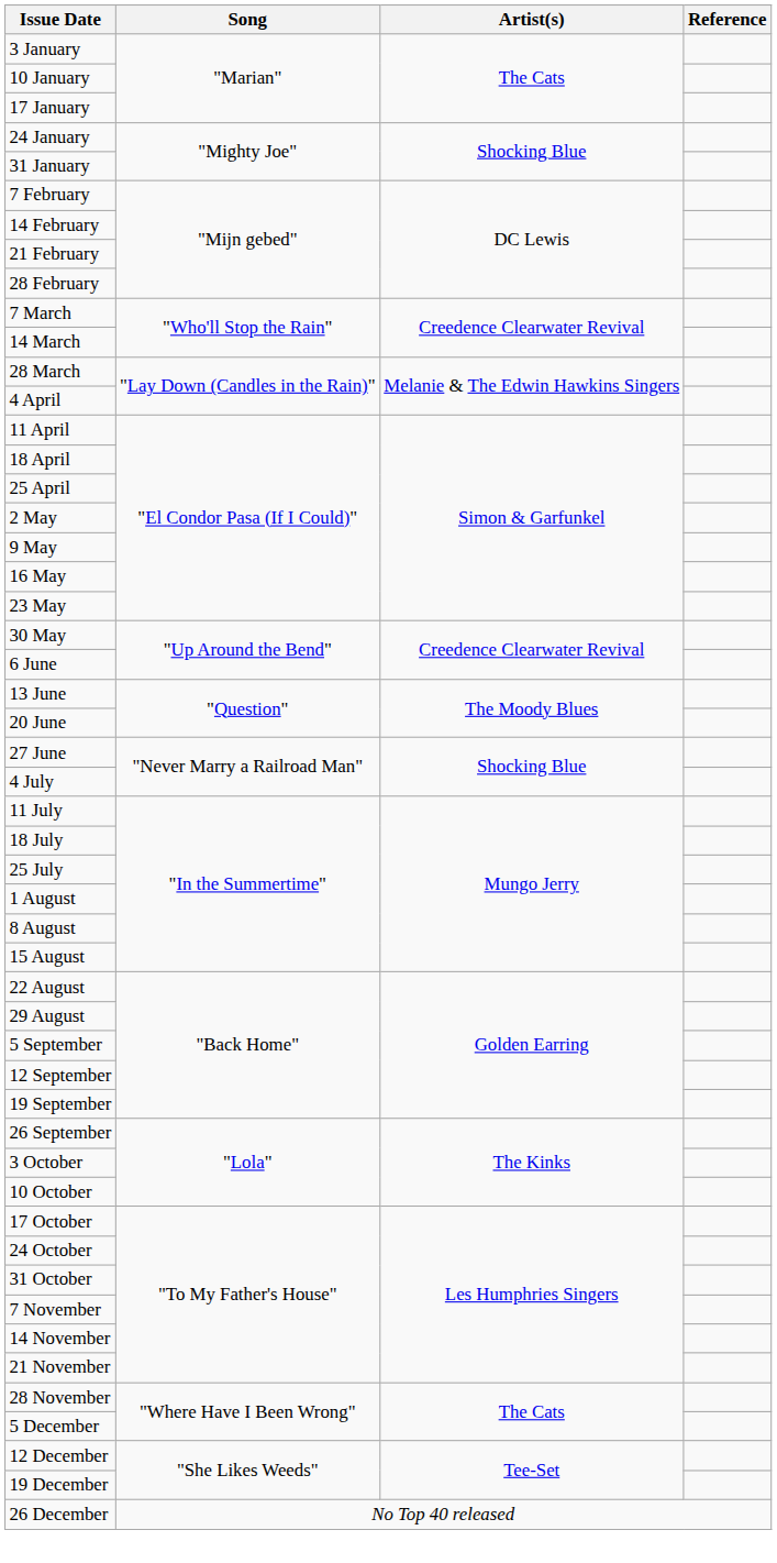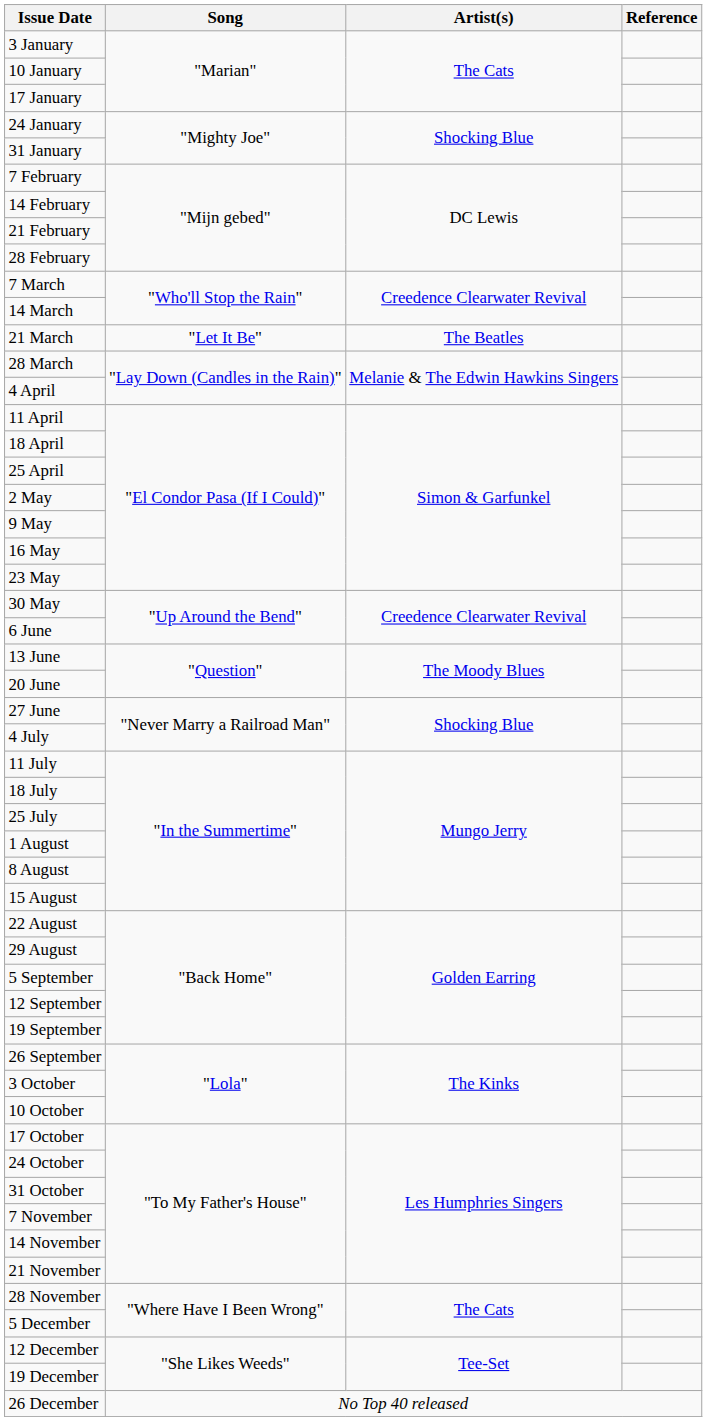 <table class="wikitable">
 <tr>
 <th align="center">Issue Date</th>
 <th align="center">Song</th>
 <th align="center">Artist(s)</th>
 <th align="center">Reference</th>
 </tr>
 <tr>
 <td>3 January</td>
 <td align="center" rowspan="3">"Marian"</td>
 <td align="center" rowspan="3"><a href='#'>The Cats</a></td>
 <td align="center"></td>
 </tr>
 <tr>
 <td>10 January</td>
 <td align="center"></td>
 </tr>
 <tr>
 <td>17 January</td>
 <td align="center"></td>
 </tr>
 <tr>
 <td>24 January</td>
 <td align="center" rowspan="2">"Mighty Joe"</td>
 <td align="center" rowspan="2"><a href='#'>Shocking Blue</a></td>
 <td align="center"></td>
 </tr>
 <tr>
 <td>31 January</td>
 <td align="center"></td>
 </tr>
 <tr>
 <td>7 February</td>
 <td align="center" rowspan="4">"Mijn gebed"</td>
 <td align="center" rowspan="4">DC Lewis</td>
 <td align="center"></td>
 </tr>
 <tr>
 <td>14 February</td>
 <td align="center"></td>
 </tr>
 <tr>
 <td>21 February</td>
 <td align="center"></td>
 </tr>
 <tr>
 <td>28 February</td>
 <td align="center"></td>
 </tr>
 <tr>
 <td>7 March</td>
 <td align="center" rowspan="2">"<a href='#'>Who'll Stop the Rain</a>"</td>
 <td align="center" rowspan="2"><a href='#'>Creedence Clearwater Revival</a></td>
 <td align="center"></td>
 </tr>
 <tr>
 <td>14 March</td>
+<td align="center"></td>
+</tr>
+<tr>
+<td>21 March</td>
+<td align="center">"<a href='#'>Let It Be</a>"</td>
+<td align="center"><a href='#'>The Beatles</a></td>
 <td align="center"></td>
 </tr>
 <tr>
 <td>28 March</td>
 <td align="center" rowspan="2">"<a href='#'>Lay Down (Candles in the Rain)</a>"</td>
 <td align="center" rowspan="2"><a href='#'>Melanie</a> & <a href='#'>The Edwin Hawkins Singers</a></td>
 <td align="center"></td>
 </tr>
 <tr>
 <td>4 April</td>
 <td align="center"></td>
 </tr>
 <tr>
 <td>11 April</td>
 <td align="center" rowspan="7">"<a href='#'>El Condor Pasa (If I Could)</a>"</td>
 <td align="center" rowspan="7"><a href='#'>Simon & Garfunkel</a></td>
 <td align="center"></td>
 </tr>
 <tr>
 <td>18 April</td>
 <td align="center"></td>
 </tr>
 <tr>
 <td>25 April</td>
 <td align="center"></td>
 </tr>
 <tr>
 <td>2 May</td>
 <td align="center"></td>
 </tr>
 <tr>
 <td>9 May</td>
 <td align="center"></td>
 </tr>
 <tr>
 <td>16 May</td>
 <td align="center"></td>
 </tr>
 <tr>
 <td>23 May</td>
 <td align="center"></td>
 </tr>
 <tr>
 <td>30 May</td>
 <td align="center" rowspan="2">"<a href='#'>Up Around the Bend</a>"</td>
 <td align="center" rowspan="2"><a href='#'>Creedence Clearwater Revival</a></td>
 <td align="center"></td>
 </tr>
 <tr>
 <td>6 June</td>
 <td align="center"></td>
 </tr>
 <tr>
 <td>13 June</td>
 <td align="center" rowspan="2">"<a href='#'>Question</a>"</td>
 <td align="center" rowspan="2"><a href='#'>The Moody Blues</a></td>
 <td align="center"></td>
 </tr>
 <tr>
 <td>20 June</td>
 <td align="center"></td>
 </tr>
 <tr>
 <td>27 June</td>
 <td align="center" rowspan="2">"Never Marry a Railroad Man"</td>
 <td align="center" rowspan="2"><a href='#'>Shocking Blue</a></td>
 <td align="center"></td>
 </tr>
 <tr>
 <td>4 July</td>
 <td align="center"></td>
 </tr>
 <tr>
 <td>11 July</td>
 <td align="center" rowspan="6">"<a href='#'>In the Summertime</a>"</td>
 <td align="center" rowspan="6"><a href='#'>Mungo Jerry</a></td>
 <td align="center"></td>
 </tr>
 <tr>
 <td>18 July</td>
 <td align="center"></td>
 </tr>
 <tr>
 <td>25 July</td>
 <td align="center"></td>
 </tr>
 <tr>
 <td>1 August</td>
 <td align="center"></td>
 </tr>
 <tr>
 <td>8 August</td>
 <td align="center"></td>
 </tr>
 <tr>
 <td>15 August</td>
 <td align="center"></td>
 </tr>
 <tr>
 <td>22 August</td>
 <td align="center" rowspan="5">"Back Home"</td>
 <td align="center" rowspan="5"><a href='#'>Golden Earring</a></td>
 <td align="center"></td>
 </tr>
 <tr>
 <td>29 August</td>
 <td align="center"></td>
 </tr>
 <tr>
 <td>5 September</td>
 <td align="center"></td>
 </tr>
 <tr>
 <td>12 September</td>
 <td align="center"></td>
 </tr>
 <tr>
 <td>19 September</td>
 <td align="center"></td>
 </tr>
 <tr>
 <td>26 September</td>
 <td align="center" rowspan="3">"<a href='#'>Lola</a>"</td>
 <td align="center" rowspan="3"><a href='#'>The Kinks</a></td>
 <td align="center"></td>
 </tr>
 <tr>
 <td>3 October</td>
 <td align="center"></td>
 </tr>
 <tr>
 <td>10 October</td>
 <td align="center"></td>
 </tr>
 <tr>
 <td>17 October</td>
 <td align="center" rowspan="6">"To My Father's House"</td>
 <td align="center" rowspan="6"><a href='#'>Les Humphries Singers</a></td>
 <td align="center"></td>
 </tr>
 <tr>
 <td>24 October</td>
 <td align="center"></td>
 </tr>
 <tr>
 <td>31 October</td>
 <td align="center"></td>
 </tr>
 <tr>
 <td>7 November</td>
 <td align="center"></td>
 </tr>
 <tr>
 <td>14 November</td>
 <td align="center"></td>
 </tr>
 <tr>
 <td>21 November</td>
 <td align="center"></td>
 </tr>
 <tr>
 <td>28 November</td>
 <td align="center" rowspan="2">"Where Have I Been Wrong"</td>
 <td align="center" rowspan="2"><a href='#'>The Cats</a></td>
 <td align="center"></td>
 </tr>
 <tr>
 <td>5 December</td>
 <td align="center"></td>
 </tr>
 <tr>
 <td>12 December</td>
 <td align="center" rowspan="2">"She Likes Weeds"</td>
 <td align="center" rowspan="2"><a href='#'>Tee-Set</a></td>
 <td align="center"></td>
 </tr>
 <tr>
 <td>19 December</td>
 <td align="center"></td>
 </tr>
 <tr>
 <td>26 December</td>
 <td align="center" colspan="3"><em>No Top 40 released</em></td>
 </tr>
 <tr>
 </tr>
 </table>
